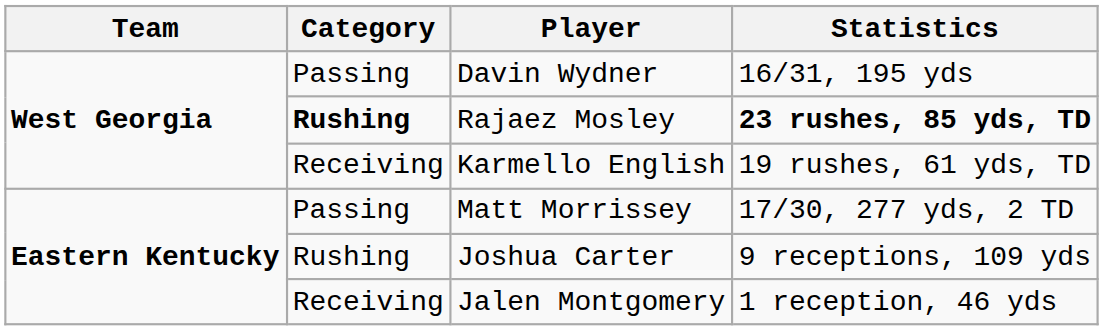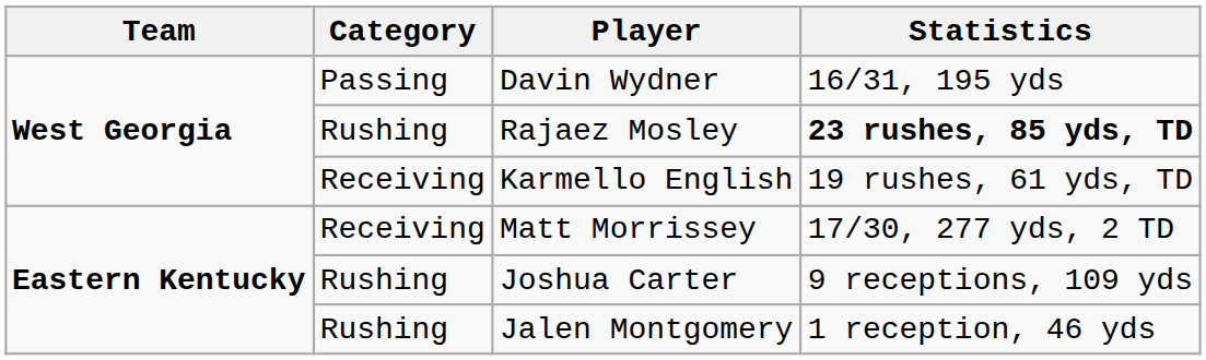 <table class="wikitable" style="float: right;">
 <tr>
 <th>Team</th>
 <th>Category</th>
 <th>Player</th>
 <th>Statistics</th>
 </tr>
 <tr>
 <td rowspan=3><strong>West Georgia</strong></td>
 <td>Passing</td>
 <td>Davin Wydner</td>
 <td>16/31, 195 yds</td>
 </tr>
 <tr>
-<td><strong>Rushing</strong></td>
+<td>Rushing</td>
 <td>Rajaez Mosley</td>
 <td><strong>23 rushes, 85 yds, TD</strong></td>
 </tr>
 <tr>
 <td>Receiving</td>
 <td>Karmello English</td>
 <td>19 rushes, 61 yds, TD</td>
 </tr>
 <tr>
 <td rowspan=3><strong>Eastern Kentucky</strong></td>
-<td>Passing</td>
+<td>Receiving</td>
 <td>Matt Morrissey</td>
 <td>17/30, 277 yds, 2 TD</td>
 </tr>
 <tr>
 <td>Rushing</td>
 <td>Joshua Carter</td>
 <td>9 receptions, 109 yds</td>
 </tr>
 <tr>
-<td>Receiving</td>
+<td>Rushing</td>
 <td>Jalen Montgomery</td>
 <td>1 reception, 46 yds</td>
 </tr>
 </table>
